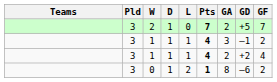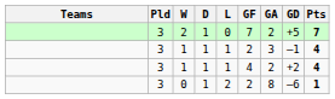 <table class="wikitable" style="text-align: center;">
 <tr>
 <th width=165>Teams</th>
 <th width=20>Pld</th>
 <th width=20>W</th>
 <th width=20>D</th>
 <th width=20>L</th>
-<th width=20>Pts</th>
+<th width=20>GF</th>
 <th width=20>GA</th>
 <th width=20>GD</th>
-<th width=20>GF</th>
+<th width=20>Pts</th>
 </tr>
 <tr align=center style="background:#ccffcc;">
 <td style="text-align:left;"></td>
 <td>3</td>
 <td>2</td>
 <td>1</td>
 <td>0</td>
-<td><strong>7</strong></td>
+<td>7</td>
 <td>2</td>
 <td>+5</td>
-<td>7</td>
+<td><strong>7</strong></td>
 </tr>
 <tr align=center>
 <td style="text-align:left;"></td>
 <td>3</td>
 <td>1</td>
 <td>1</td>
 <td>1</td>
-<td><strong>4</strong></td>
+<td>2</td>
 <td>3</td>
 <td>–1</td>
-<td>2</td>
+<td><strong>4</strong></td>
 </tr>
 <tr align=center>
 <td style="text-align:left;"></td>
 <td>3</td>
 <td>1</td>
 <td>1</td>
 <td>1</td>
-<td><strong>4</strong></td>
+<td>4</td>
 <td>2</td>
 <td>+2</td>
-<td>4</td>
+<td><strong>4</strong></td>
 </tr>
 <tr align=center>
 <td style="text-align:left;"></td>
 <td>3</td>
 <td>0</td>
 <td>1</td>
 <td>2</td>
-<td><strong>1</strong></td>
+<td>2</td>
 <td>8</td>
 <td>–6</td>
-<td>2</td>
+<td><strong>1</strong></td>
 </tr>
 </table>
